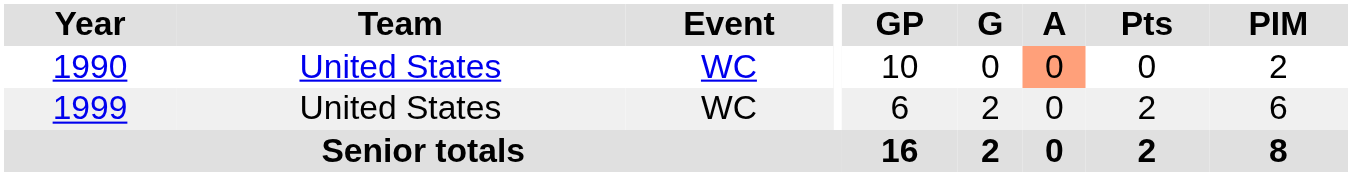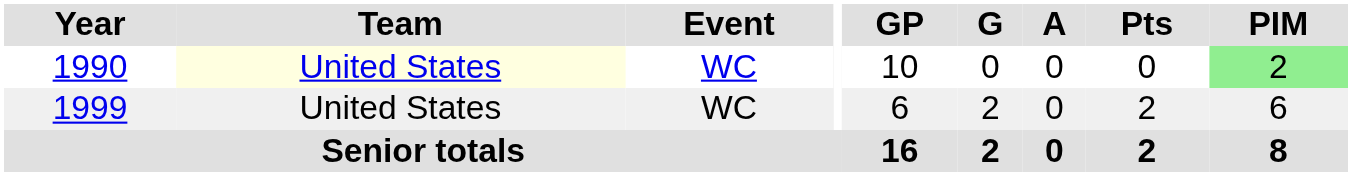 <table border="0" cellpadding="1" cellspacing="0" ID="Table3" style="text-align:center; width:40em">
 <tr bgcolor="#e0e0e0">
 <th>Year</th>
 <th>Team</th>
 <th>Event</th>
 <th rowspan="102" bgcolor="#ffffff"></th>
 <th>GP</th>
 <th>G</th>
 <th>A</th>
 <th>Pts</th>
 <th>PIM</th>
 </tr>
 <tr>
 <td><a href='#'>1990</a></td>
-<td><a href='#'>United States</a></td>
+<td style="background: lightyellow;"><a href='#'>United States</a></td>
 <td><a href='#'>WC</a></td>
 <td>10</td>
 <td>0</td>
-<td style="background: lightsalmon;">0</td>
 <td>0</td>
-<td>2</td>
+<td>0</td>
+<td style="background: lightgreen;">2</td>
 </tr>
 <tr bgcolor="#f0f0f0">
 <td><a href='#'>1999</a></td>
 <td>United States</td>
 <td>WC</td>
 <td>6</td>
 <td>2</td>
 <td>0</td>
 <td>2</td>
 <td>6</td>
 </tr>
 <tr bgcolor="#e0e0e0">
 <th colspan="4">Senior totals</th>
 <th>16</th>
 <th>2</th>
 <th>0</th>
 <th>2</th>
 <th>8</th>
 </tr>
 </table>
